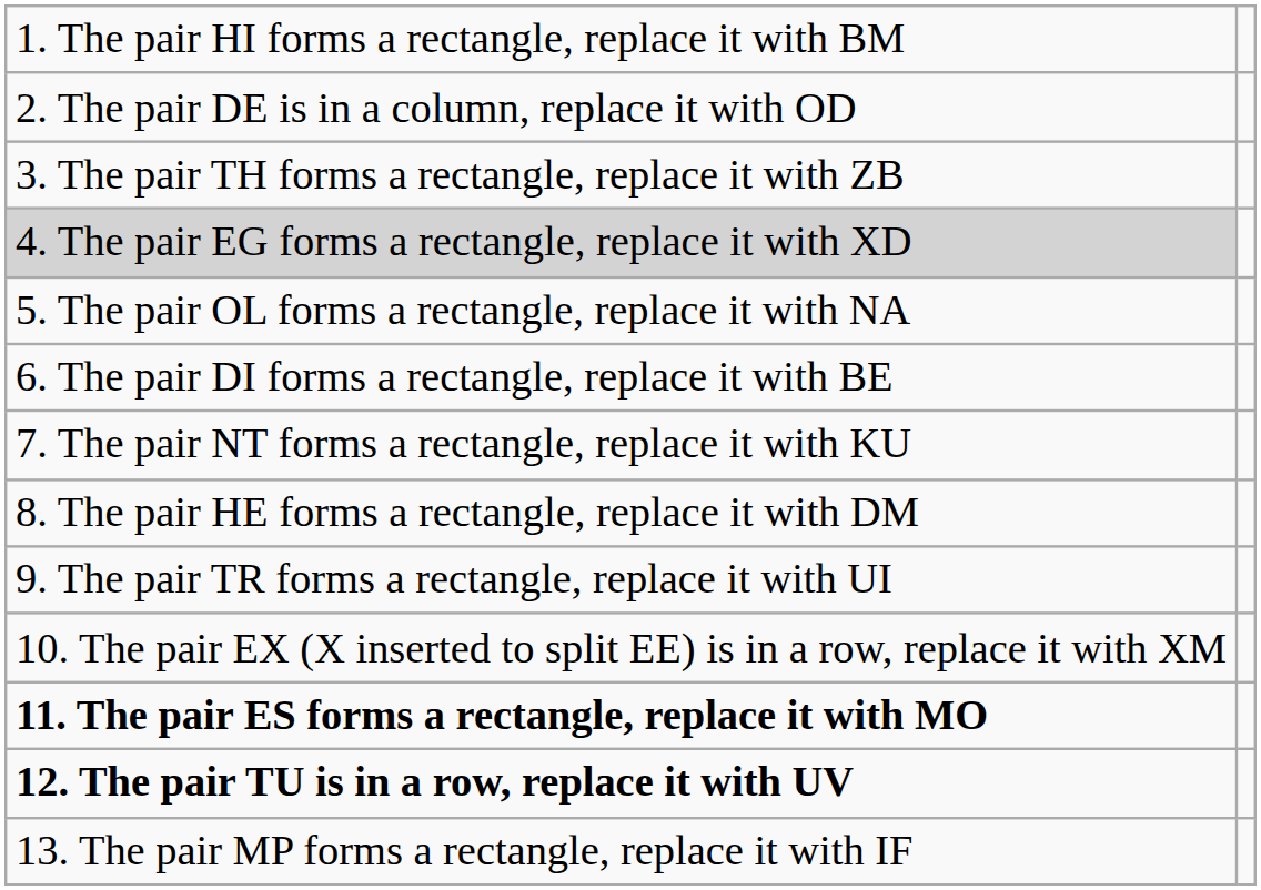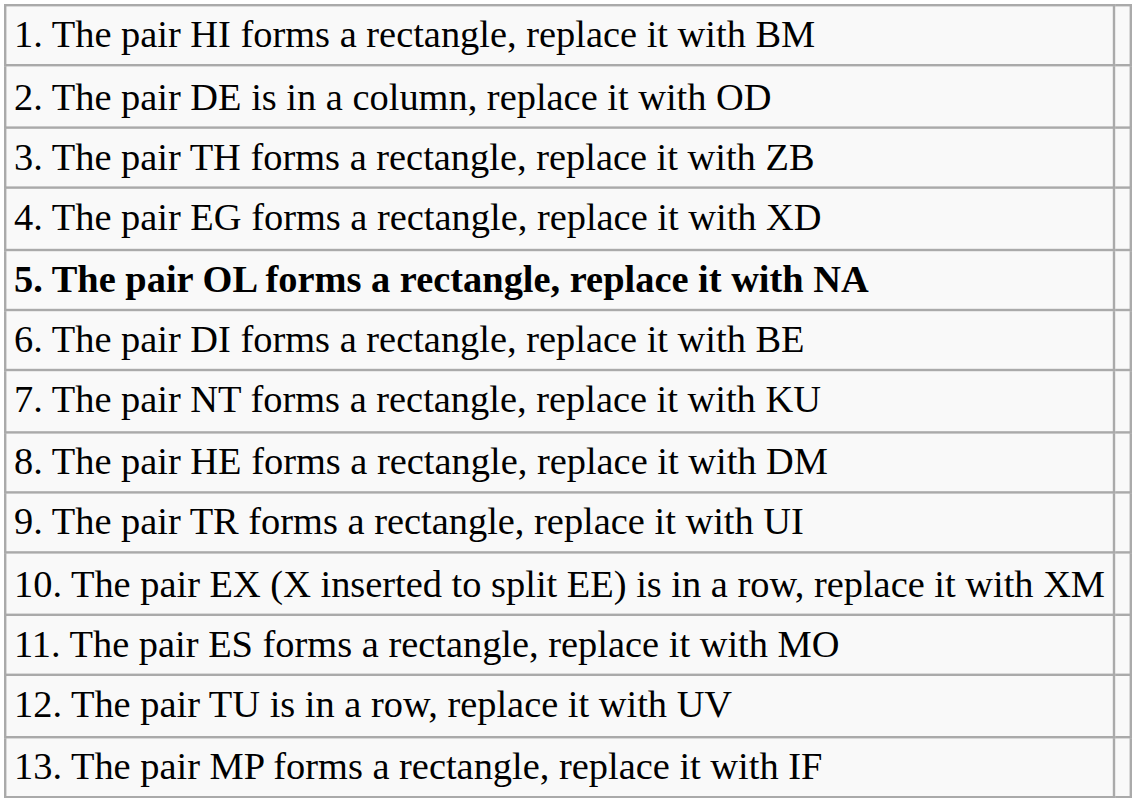 <table class="wikitable">
 <tr>
 <td>1. The pair HI forms a rectangle, replace it with BM</td>
 <td></td>
 </tr>
 <tr>
 <td>2. The pair DE is in a column, replace it with OD</td>
 <td></td>
 </tr>
 <tr>
 <td>3. The pair TH forms a rectangle, replace it with ZB</td>
 <td></td>
 </tr>
 <tr>
-<td style="background: lightgrey;">4. The pair EG forms a rectangle, replace it with XD</td>
+<td>4. The pair EG forms a rectangle, replace it with XD</td>
 <td></td>
 </tr>
 <tr>
-<td>5. The pair OL forms a rectangle, replace it with NA</td>
+<td><strong>5. The pair OL forms a rectangle, replace it with NA</strong></td>
 <td></td>
 </tr>
 <tr>
 <td>6. The pair DI forms a rectangle, replace it with BE</td>
 <td></td>
 </tr>
 <tr>
 <td>7. The pair NT forms a rectangle, replace it with KU</td>
 <td></td>
 </tr>
 <tr>
 <td>8. The pair HE forms a rectangle, replace it with DM</td>
 <td></td>
 </tr>
 <tr>
 <td>9. The pair TR forms a rectangle, replace it with UI</td>
 <td></td>
 </tr>
 <tr>
 <td>10. The pair EX (X inserted to split EE) is in a row, replace it with XM</td>
 <td></td>
 </tr>
 <tr>
-<td><strong>11. The pair ES forms a rectangle, replace it with MO</strong></td>
+<td>11. The pair ES forms a rectangle, replace it with MO</td>
 <td></td>
 </tr>
 <tr>
-<td><strong>12. The pair TU is in a row, replace it with UV</strong></td>
+<td>12. The pair TU is in a row, replace it with UV</td>
 <td></td>
 </tr>
 <tr>
 <td>13. The pair MP forms a rectangle, replace it with IF</td>
 <td></td>
 </tr>
 </table>
